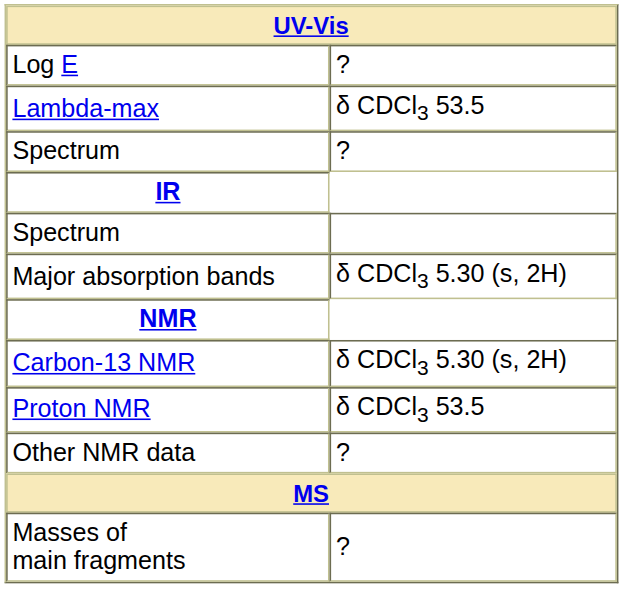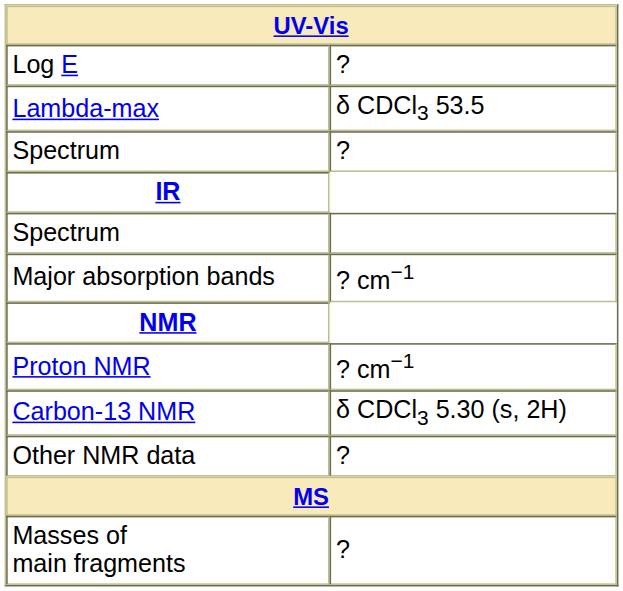 <table border="1" cellspacing="0" cellpadding="3" style="margin: 0 0 0 0.5em; background: #FFFFFF; border-color: #C0C090;">
 <tr>
 <th width="85%" align="center" cellspacing="3" style="font-size:95%; border: 1px solid #C0C090; background-color: #F8EABA; margin-bottom: 3px;" colspan="2"><a href='#'>UV-Vis</a></th>
 </tr>
 <tr>
 <td>Log <a href='#'>Ε</a></td>
 <td>?</td>
 </tr>
 <tr>
 <td><a href='#'>Lambda-max</a></td>
 <td>δ CDCl<sub>3</sub> 53.5</td>
 </tr>
 <tr>
 <td>Spectrum</td>
 <td>?</td>
 </tr>
 <tr>
 <th><a href='#'>IR</a></th>
 </tr>
 <tr>
 <td>Spectrum</td>
 <td></td>
 </tr>
 <tr>
 <td>Major absorption bands</td>
-<td>δ CDCl<sub>3</sub> 5.30 (s, 2H)</td>
+<td>? cm<sup>−1</sup></td>
 </tr>
 <tr>
 <th><a href='#'>NMR</a></th>
 </tr>
 <tr>
+<td><a href='#'>Proton NMR</a> </td>
+<td>? cm<sup>−1</sup></td>
+</tr>
+<tr>
 <td><a href='#'>Carbon-13 NMR</a> </td>
 <td>δ CDCl<sub>3</sub> 5.30 (s, 2H)</td>
-</tr>
-<tr>
-<td><a href='#'>Proton NMR</a> </td>
-<td>δ CDCl<sub>3</sub> 53.5</td>
 </tr>
 <tr>
 <td>Other NMR data </td>
 <td>?</td>
 </tr>
 <tr>
 <th width="85%" align="center" cellspacing="3" style="font-size:95%; border: 1px solid #C0C090; background-color: #F8EABA; margin-bottom: 3px;" colspan="2"><a href='#'>MS</a></th>
 </tr>
 <tr>
 <td>Masses of <br>main fragments</td>
 <td>? </td>
 </tr>
 </table>
